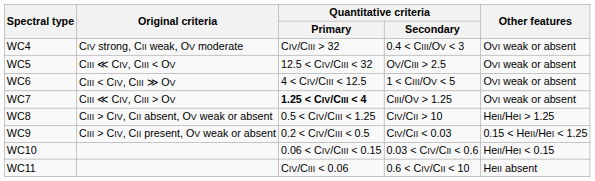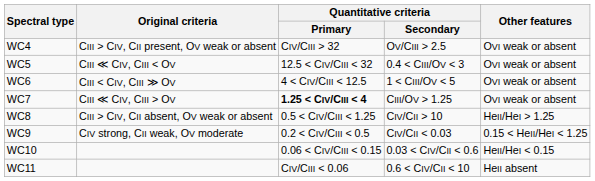 <table class="wikitable">
 <tr>
 <th rowspan=2>Spectral type</th>
 <th rowspan=2>Original criteria</th>
 <th colspan=2>Quantitative criteria</th>
 <th rowspan=2>Other features</th>
 </tr>
 <tr>
 <th>Primary</th>
 <th>Secondary</th>
 </tr>
 <tr>
 <td>WC4</td>
-<td>C<small>IV</small> strong, C<small>II</small> weak, O<small>V</small> moderate</td>
+<td>C<small>III</small> > C<small>IV</small>, C<small>II</small> present, O<small>V</small> weak or absent</td>
 <td>C<small>IV</small>/C<small>III</small> > 32</td>
-<td>0.4 < C<small>III</small>/O<small>V</small> < 3</td>
+<td>O<small>V</small>/C<small>III</small> > 2.5</td>
 <td>O<small>VI</small> weak or absent</td>
 </tr>
 <tr>
 <td>WC5</td>
 <td>C<small>III</small> ≪ C<small>IV</small>, C<small>III</small> < O<small>V</small></td>
 <td>12.5 < C<small>IV</small>/C<small>III</small> < 32</td>
-<td>O<small>V</small>/C<small>III</small> > 2.5</td>
+<td>0.4 < C<small>III</small>/O<small>V</small> < 3</td>
 <td>O<small>VI</small> weak or absent</td>
 </tr>
 <tr>
 <td>WC6</td>
 <td>C<small>III</small> < C<small>IV</small>, C<small>III</small> ≫ O<small>V</small></td>
 <td>4 < C<small>IV</small>/C<small>III</small> < 12.5</td>
 <td>1 < C<small>III</small>/O<small>V</small> < 5</td>
 <td>O<small>VI</small> weak or absent</td>
 </tr>
 <tr>
 <td>WC7</td>
 <td>C<small>III</small> ≪ C<small>IV</small>, C<small>III</small> > O<small>V</small></td>
 <td><strong>1.25 < C<small>IV</small>/C<small>III</small> < 4</strong></td>
 <td>C<small>III</small>/O<small>V</small> > 1.25</td>
 <td>O<small>VI</small> weak or absent</td>
 </tr>
 <tr>
 <td>WC8</td>
 <td>C<small>III</small> > C<small>IV</small>, C<small>II</small> absent, O<small>V</small> weak or absent</td>
 <td>0.5 < C<small>IV</small>/C<small>III</small> < 1.25</td>
 <td>C<small>IV</small>/C<small>II</small> > 10</td>
 <td>He<small>II</small>/He<small>I</small> > 1.25</td>
 </tr>
 <tr>
 <td>WC9</td>
-<td>C<small>III</small> > C<small>IV</small>, C<small>II</small> present, O<small>V</small> weak or absent</td>
+<td>C<small>IV</small> strong, C<small>II</small> weak, O<small>V</small> moderate</td>
 <td>0.2 < C<small>IV</small>/C<small>III</small> < 0.5</td>
 <td>C<small>IV</small>/C<small>II</small> < 0.03</td>
 <td>0.15 < He<small>II</small>/He<small>I</small> < 1.25</td>
 </tr>
 <tr>
 <td>WC10</td>
 <td></td>
 <td>0.06 < C<small>IV</small>/C<small>III</small> < 0.15</td>
 <td>0.03 < C<small>IV</small>/C<small>II</small> < 0.6</td>
 <td>He<small>II</small>/He<small>I</small> < 0.15</td>
 </tr>
 <tr>
 <td>WC11</td>
 <td></td>
 <td>C<small>IV</small>/C<small>III</small> < 0.06</td>
 <td>0.6 < C<small>IV</small>/C<small>II</small> < 10</td>
 <td>He<small>II</small> absent</td>
 </tr>
 </table>
